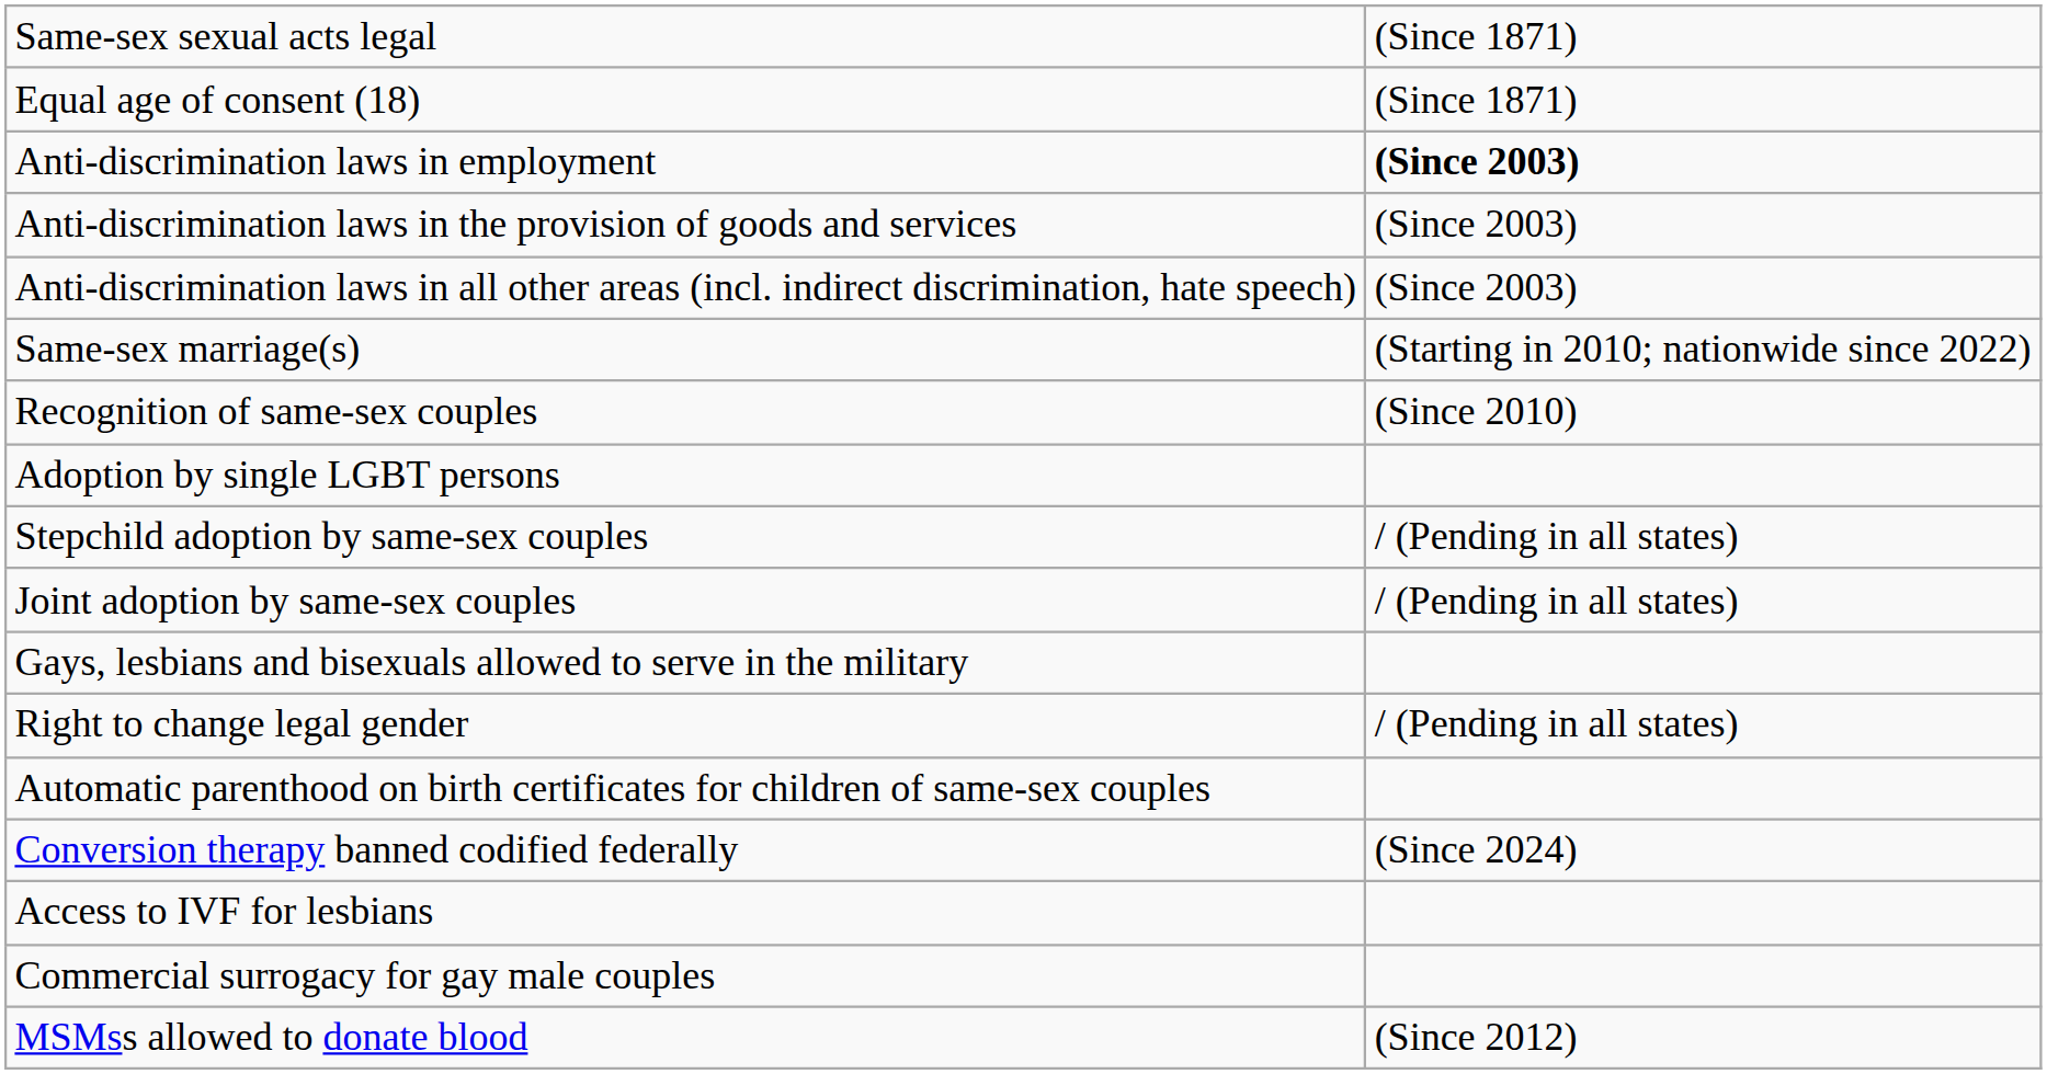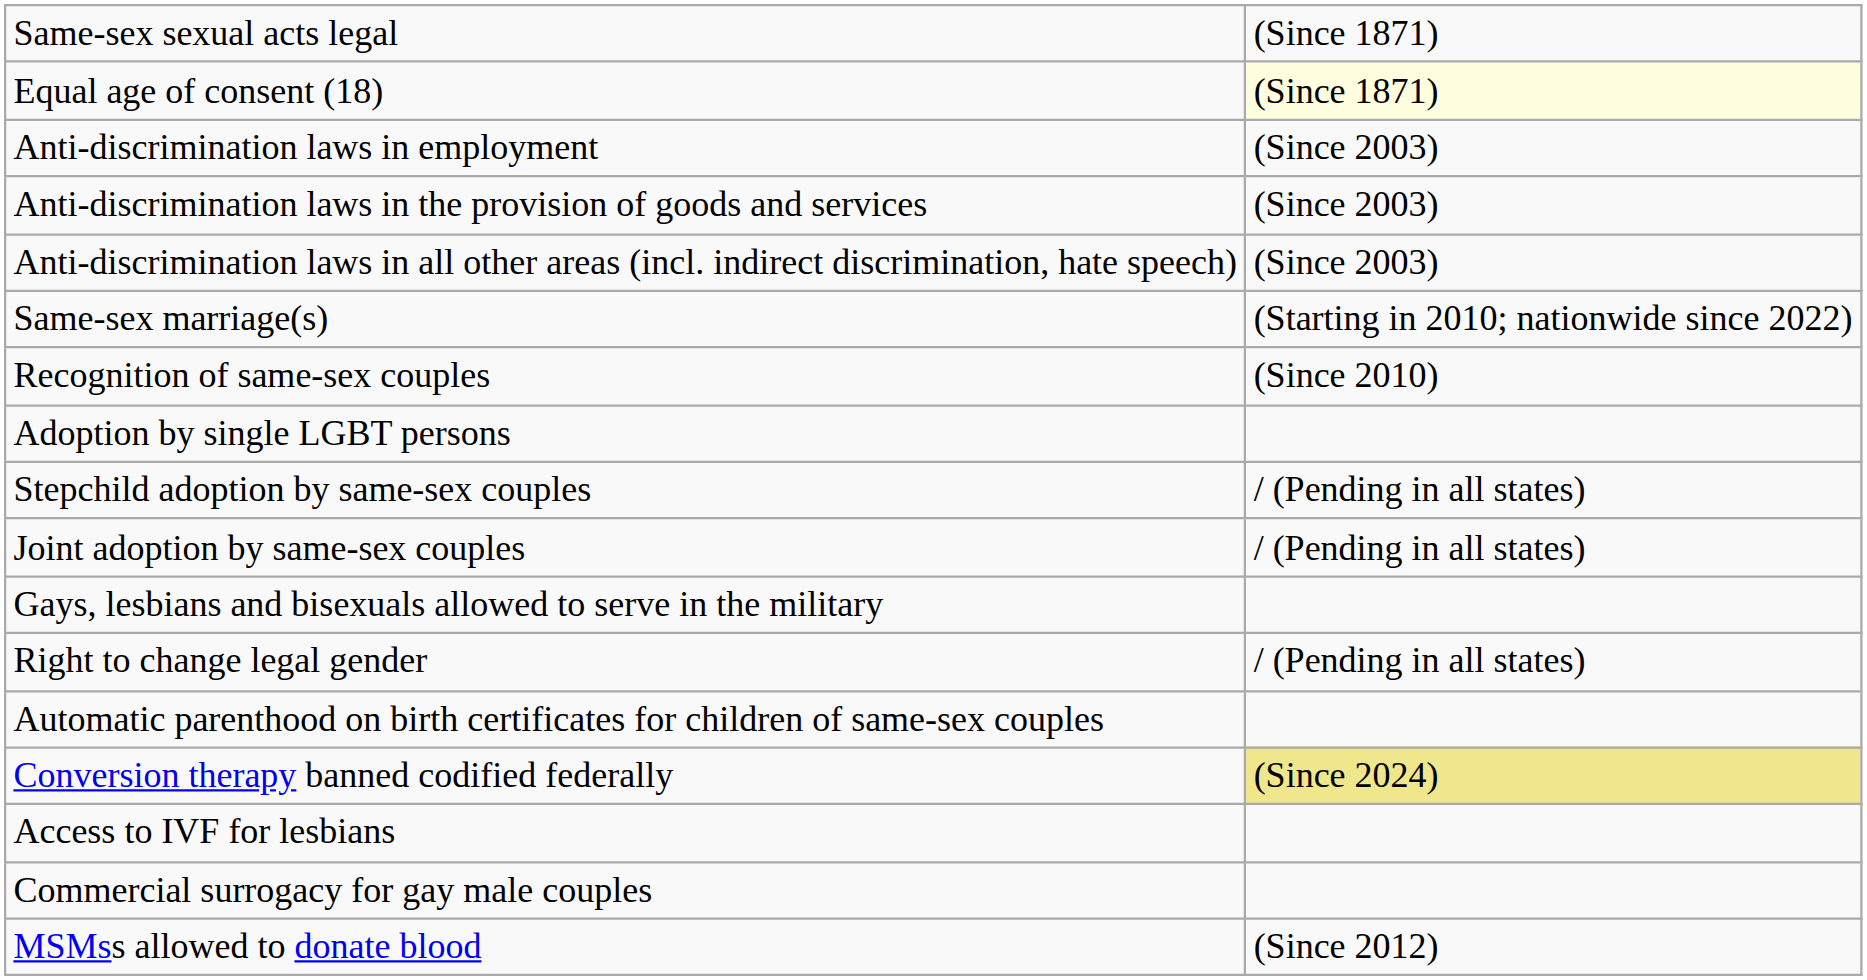 <table class="wikitable">
 <tr>
 <td>Same-sex sexual acts legal</td>
 <td> (Since 1871)</td>
 </tr>
 <tr>
 <td>Equal age of consent (18)</td>
-<td> (Since 1871)</td>
+<td style="background: lightyellow;"> (Since 1871)</td>
 </tr>
 <tr>
 <td>Anti-discrimination laws in employment</td>
-<td><strong> (Since 2003)</strong></td>
+<td> (Since 2003)</td>
 </tr>
 <tr>
 <td>Anti-discrimination laws in the provision of goods and services</td>
 <td> (Since 2003)</td>
 </tr>
 <tr>
 <td>Anti-discrimination laws in all other areas (incl. indirect discrimination, hate speech)</td>
 <td> (Since 2003)</td>
 </tr>
 <tr>
 <td>Same-sex marriage(s)</td>
 <td> (Starting in 2010; nationwide since 2022)</td>
 </tr>
 <tr>
 <td>Recognition of same-sex couples</td>
 <td> (Since 2010)</td>
 </tr>
 <tr>
 <td>Adoption by single LGBT persons</td>
 <td></td>
 </tr>
 <tr>
 <td>Stepchild adoption by same-sex couples</td>
 <td>/ (Pending in all states)</td>
 </tr>
 <tr>
 <td>Joint adoption by same-sex couples</td>
 <td>/ (Pending in all states)</td>
 </tr>
 <tr>
 <td>Gays, lesbians and bisexuals allowed to serve in the military</td>
 <td></td>
 </tr>
 <tr>
 <td>Right to change legal gender</td>
 <td>/ (Pending in all states)</td>
 </tr>
 <tr>
 <td>Automatic parenthood on birth certificates for children of same-sex couples</td>
 <td></td>
 </tr>
 <tr>
 <td><a href='#'>Conversion therapy</a> banned codified federally</td>
-<td> (Since 2024)</td>
+<td style="background: khaki;"> (Since 2024)</td>
 </tr>
 <tr>
 <td>Access to IVF for lesbians</td>
 <td></td>
 </tr>
 <tr>
 <td>Commercial surrogacy for gay male couples</td>
 <td></td>
 </tr>
 <tr>
 <td><a href='#'>MSMs</a>s allowed to <a href='#'>donate blood</a></td>
 <td> (Since 2012)</td>
 </tr>
 </table>
